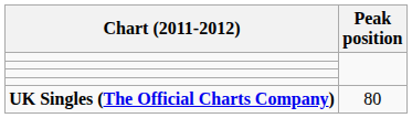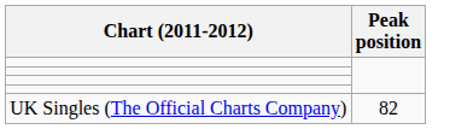 <table class="wikitable sortable">
 <tr>
 <th>Chart (2011-2012)</th>
 <th>Peak<br>position</th>
 </tr>
 <tr>
 <td></td>
 </tr>
 <tr>
 <td></td>
 </tr>
 <tr>
 <td></td>
 </tr>
 <tr>
 <td></td>
 </tr>
 <tr>
-<td><strong>UK Singles (<a href='#'>The Official Charts Company</a>)</strong></td>
-<td align="center">80</td>
+<td>UK Singles (<a href='#'>The Official Charts Company</a>)</td>
+<td align="center">82</td>
 </tr>
 </table>
